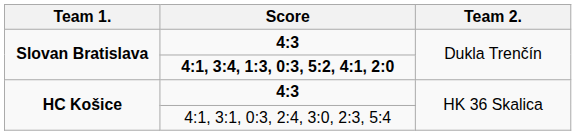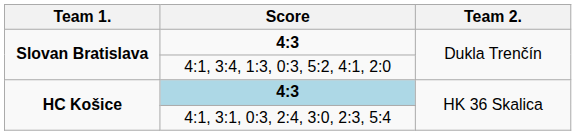 <table class="wikitable" style="text-align: center;">
 <tr>
 <th width="150"><strong>Team 1.</strong></th>
 <th width="250"><strong>Score</strong></th>
 <th width="150"><strong>Team 2.</strong></th>
 </tr>
 <tr>
 <td rowspan="2" valign="left"><strong>Slovan Bratislava</strong></td>
 <td><strong>4:3</strong></td>
 <td rowspan="2" valign="left">Dukla Trenčín</td>
 </tr>
 <tr>
-<td><strong>4:1, 3:4, 1:3, 0:3, 5:2, 4:1, 2:0</strong></td>
+<td>4:1, 3:4, 1:3, 0:3, 5:2, 4:1, 2:0</td>
 </tr>
 <tr>
 <td rowspan="2" valign="left"><strong>HC Košice</strong></td>
-<td><strong>4:3</strong></td>
+<td style="background: lightblue;"><strong>4:3</strong></td>
 <td rowspan="2" valign="left">HK 36 Skalica</td>
 </tr>
 <tr>
 <td>4:1, 3:1, 0:3, 2:4, 3:0, 2:3, 5:4</td>
 </tr>
 </table>
